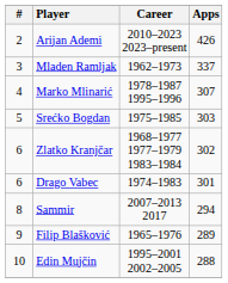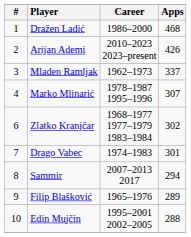 <table class="wikitable" style="text-align:center;">
 <tr>
 </tr>
 <tr>
 <th width=30px>#</th>
 <th style="text-align:left">Player</th>
 <th>Career</th>
 <th width=30px>Apps</th>
+</tr>
+<tr>
+<td>1</td>
+<td style="text-align:left;"><a href='#'>Dražen Ladić</a></td>
+<td>1986–2000</td>
+<td>468</td>
 </tr>
 <tr>
 <td>2</td>
 <td style="text-align:left;"><a href='#'>Arijan Ademi</a></td>
 <td>2010–2023<br>2023–present</td>
 <td>426</td>
 </tr>
 <tr>
 <td>3</td>
 <td style="text-align:left;"><a href='#'>Mladen Ramljak</a></td>
 <td>1962–1973</td>
 <td>337</td>
 </tr>
 <tr>
 <td>4</td>
 <td style="text-align:left;"><a href='#'>Marko Mlinarić</a></td>
 <td>1978–1987<br>1995–1996</td>
 <td>307</td>
 </tr>
 <tr>
-<td>5</td>
-<td style="text-align:left;"><a href='#'>Srećko Bogdan</a></td>
-<td>1975–1985</td>
-<td>303</td>
-</tr>
-<tr>
 <td>6</td>
 <td style="text-align:left;"><a href='#'>Zlatko Kranjčar</a></td>
 <td>1968–1977<br>1977–1979<br>1983–1984</td>
 <td>302</td>
 </tr>
 <tr>
-<td>6</td>
+<td>7</td>
 <td style="text-align:left;"><a href='#'>Drago Vabec</a></td>
 <td>1974–1983</td>
 <td>301</td>
 </tr>
 <tr>
 <td>8</td>
 <td style="text-align:left;"><a href='#'>Sammir</a></td>
 <td>2007–2013<br>2017</td>
 <td>294</td>
 </tr>
 <tr>
 <td>9</td>
 <td style="text-align:left;"><a href='#'>Filip Blašković</a></td>
 <td>1965–1976</td>
 <td>289</td>
 </tr>
 <tr>
 <td>10</td>
 <td style="text-align:left;"><a href='#'>Edin Mujčin</a></td>
 <td>1995–2001<br>2002–2005</td>
 <td>288</td>
 </tr>
 <tr>
 </tr>
 </table>
